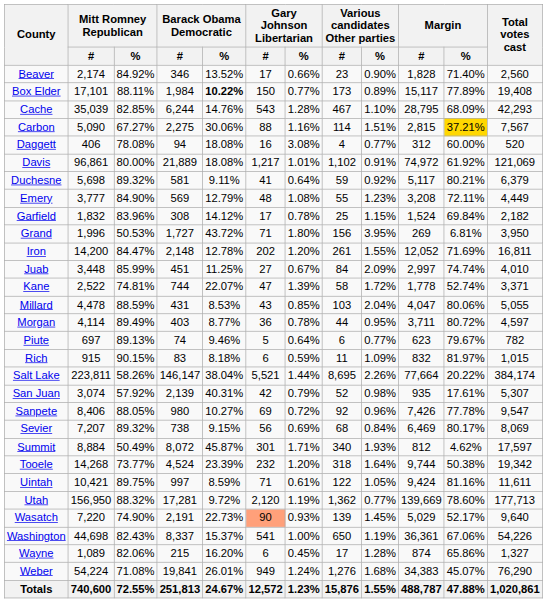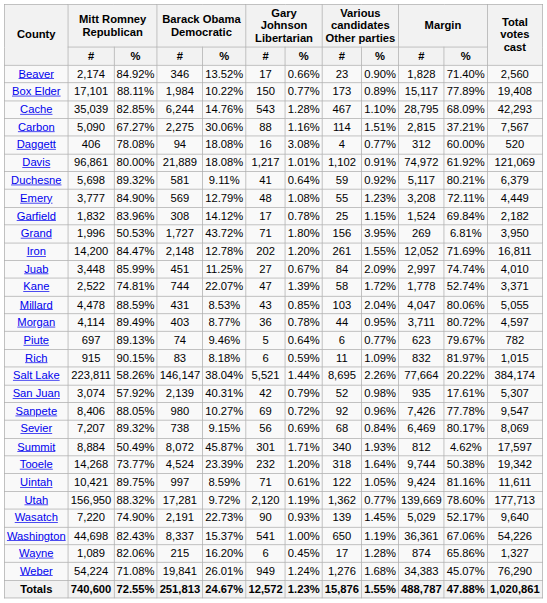 <table width="60%" class="wikitable sortable">
 <tr>
 <th rowspan="2">County</th>
 <th colspan="2">Mitt Romney<br>Republican</th>
 <th colspan="2">Barack Obama<br>Democratic</th>
 <th colspan="2">Gary Johnson<br>Libertarian</th>
 <th colspan="2">Various candidates<br>Other parties</th>
 <th colspan="2">Margin</th>
 <th rowspan="2">Total votes cast</th>
 </tr>
 <tr>
 <th style="text-align:center;" data-sort-type="number">#</th>
 <th style="text-align:center;" data-sort-type="number">%</th>
 <th style="text-align:center;" data-sort-type="number">#</th>
 <th style="text-align:center;" data-sort-type="number">%</th>
 <th style="text-align:center;" data-sort-type="number">#</th>
 <th style="text-align:center;" data-sort-type="number">%</th>
 <th style="text-align:center;" data-sort-type="number">#</th>
 <th style="text-align:center;" data-sort-type="number">%</th>
 <th style="text-align:center;" data-sort-type="number">#</th>
 <th style="text-align:center;" data-sort-type="number">%</th>
 </tr>
 <tr style="text-align:center;">
 <td><a href='#'>Beaver</a></td>
 <td>2,174</td>
 <td>84.92%</td>
 <td>346</td>
 <td>13.52%</td>
 <td>17</td>
 <td>0.66%</td>
 <td>23</td>
 <td>0.90%</td>
 <td>1,828</td>
 <td>71.40%</td>
 <td>2,560</td>
 </tr>
 <tr style="text-align:center;">
 <td><a href='#'>Box Elder</a></td>
 <td>17,101</td>
 <td>88.11%</td>
 <td>1,984</td>
-<td><strong>10.22%</strong></td>
+<td>10.22%</td>
 <td>150</td>
 <td>0.77%</td>
 <td>173</td>
 <td>0.89%</td>
 <td>15,117</td>
 <td>77.89%</td>
 <td>19,408</td>
 </tr>
 <tr style="text-align:center;">
 <td><a href='#'>Cache</a></td>
 <td>35,039</td>
 <td>82.85%</td>
 <td>6,244</td>
 <td>14.76%</td>
 <td>543</td>
 <td>1.28%</td>
 <td>467</td>
 <td>1.10%</td>
 <td>28,795</td>
 <td>68.09%</td>
 <td>42,293</td>
 </tr>
 <tr style="text-align:center;">
 <td><a href='#'>Carbon</a></td>
 <td>5,090</td>
 <td>67.27%</td>
 <td>2,275</td>
 <td>30.06%</td>
 <td>88</td>
 <td>1.16%</td>
 <td>114</td>
 <td>1.51%</td>
 <td>2,815</td>
-<td style="background: gold;">37.21%</td>
+<td>37.21%</td>
 <td>7,567</td>
 </tr>
 <tr style="text-align:center;">
 <td><a href='#'>Daggett</a></td>
 <td>406</td>
 <td>78.08%</td>
 <td>94</td>
 <td>18.08%</td>
 <td>16</td>
 <td>3.08%</td>
 <td>4</td>
 <td>0.77%</td>
 <td>312</td>
 <td>60.00%</td>
 <td>520</td>
 </tr>
 <tr style="text-align:center;">
 <td><a href='#'>Davis</a></td>
 <td>96,861</td>
 <td>80.00%</td>
 <td>21,889</td>
 <td>18.08%</td>
 <td>1,217</td>
 <td>1.01%</td>
 <td>1,102</td>
 <td>0.91%</td>
 <td>74,972</td>
 <td>61.92%</td>
 <td>121,069</td>
 </tr>
 <tr style="text-align:center;">
 <td><a href='#'>Duchesne</a></td>
 <td>5,698</td>
 <td>89.32%</td>
 <td>581</td>
 <td>9.11%</td>
 <td>41</td>
 <td>0.64%</td>
 <td>59</td>
 <td>0.92%</td>
 <td>5,117</td>
 <td>80.21%</td>
 <td>6,379</td>
 </tr>
 <tr style="text-align:center;">
 <td><a href='#'>Emery</a></td>
 <td>3,777</td>
 <td>84.90%</td>
 <td>569</td>
 <td>12.79%</td>
 <td>48</td>
 <td>1.08%</td>
 <td>55</td>
 <td>1.23%</td>
 <td>3,208</td>
 <td>72.11%</td>
 <td>4,449</td>
 </tr>
 <tr style="text-align:center;">
 <td><a href='#'>Garfield</a></td>
 <td>1,832</td>
 <td>83.96%</td>
 <td>308</td>
 <td>14.12%</td>
 <td>17</td>
 <td>0.78%</td>
 <td>25</td>
 <td>1.15%</td>
 <td>1,524</td>
 <td>69.84%</td>
 <td>2,182</td>
 </tr>
 <tr style="text-align:center;">
 <td><a href='#'>Grand</a></td>
 <td>1,996</td>
 <td>50.53%</td>
 <td>1,727</td>
 <td>43.72%</td>
 <td>71</td>
 <td>1.80%</td>
 <td>156</td>
 <td>3.95%</td>
 <td>269</td>
 <td>6.81%</td>
 <td>3,950</td>
 </tr>
 <tr style="text-align:center;">
 <td><a href='#'>Iron</a></td>
 <td>14,200</td>
 <td>84.47%</td>
 <td>2,148</td>
 <td>12.78%</td>
 <td>202</td>
 <td>1.20%</td>
 <td>261</td>
 <td>1.55%</td>
 <td>12,052</td>
 <td>71.69%</td>
 <td>16,811</td>
 </tr>
 <tr style="text-align:center;">
 <td><a href='#'>Juab</a></td>
 <td>3,448</td>
 <td>85.99%</td>
 <td>451</td>
 <td>11.25%</td>
 <td>27</td>
 <td>0.67%</td>
 <td>84</td>
 <td>2.09%</td>
 <td>2,997</td>
 <td>74.74%</td>
 <td>4,010</td>
 </tr>
 <tr style="text-align:center;">
 <td><a href='#'>Kane</a></td>
 <td>2,522</td>
 <td>74.81%</td>
 <td>744</td>
 <td>22.07%</td>
 <td>47</td>
 <td>1.39%</td>
 <td>58</td>
 <td>1.72%</td>
 <td>1,778</td>
 <td>52.74%</td>
 <td>3,371</td>
 </tr>
 <tr style="text-align:center;">
 <td><a href='#'>Millard</a></td>
 <td>4,478</td>
 <td>88.59%</td>
 <td>431</td>
 <td>8.53%</td>
 <td>43</td>
 <td>0.85%</td>
 <td>103</td>
 <td>2.04%</td>
 <td>4,047</td>
 <td>80.06%</td>
 <td>5,055</td>
 </tr>
 <tr style="text-align:center;">
 <td><a href='#'>Morgan</a></td>
 <td>4,114</td>
 <td>89.49%</td>
 <td>403</td>
 <td>8.77%</td>
 <td>36</td>
 <td>0.78%</td>
 <td>44</td>
 <td>0.95%</td>
 <td>3,711</td>
 <td>80.72%</td>
 <td>4,597</td>
 </tr>
 <tr style="text-align:center;">
 <td><a href='#'>Piute</a></td>
 <td>697</td>
 <td>89.13%</td>
 <td>74</td>
 <td>9.46%</td>
 <td>5</td>
 <td>0.64%</td>
 <td>6</td>
 <td>0.77%</td>
 <td>623</td>
 <td>79.67%</td>
 <td>782</td>
 </tr>
 <tr style="text-align:center;">
 <td><a href='#'>Rich</a></td>
 <td>915</td>
 <td>90.15%</td>
 <td>83</td>
 <td>8.18%</td>
 <td>6</td>
 <td>0.59%</td>
 <td>11</td>
 <td>1.09%</td>
 <td>832</td>
 <td>81.97%</td>
 <td>1,015</td>
 </tr>
 <tr style="text-align:center;">
 <td><a href='#'>Salt Lake</a></td>
 <td>223,811</td>
 <td>58.26%</td>
 <td>146,147</td>
 <td>38.04%</td>
 <td>5,521</td>
 <td>1.44%</td>
 <td>8,695</td>
 <td>2.26%</td>
 <td>77,664</td>
 <td>20.22%</td>
 <td>384,174</td>
 </tr>
 <tr style="text-align:center;">
 <td><a href='#'>San Juan</a></td>
 <td>3,074</td>
 <td>57.92%</td>
 <td>2,139</td>
 <td>40.31%</td>
 <td>42</td>
 <td>0.79%</td>
 <td>52</td>
 <td>0.98%</td>
 <td>935</td>
 <td>17.61%</td>
 <td>5,307</td>
 </tr>
 <tr style="text-align:center;">
 <td><a href='#'>Sanpete</a></td>
 <td>8,406</td>
 <td>88.05%</td>
 <td>980</td>
 <td>10.27%</td>
 <td>69</td>
 <td>0.72%</td>
 <td>92</td>
 <td>0.96%</td>
 <td>7,426</td>
 <td>77.78%</td>
 <td>9,547</td>
 </tr>
 <tr style="text-align:center;">
 <td><a href='#'>Sevier</a></td>
 <td>7,207</td>
 <td>89.32%</td>
 <td>738</td>
 <td>9.15%</td>
 <td>56</td>
 <td>0.69%</td>
 <td>68</td>
 <td>0.84%</td>
 <td>6,469</td>
 <td>80.17%</td>
 <td>8,069</td>
 </tr>
 <tr style="text-align:center;">
 <td><a href='#'>Summit</a></td>
 <td>8,884</td>
 <td>50.49%</td>
 <td>8,072</td>
 <td>45.87%</td>
 <td>301</td>
 <td>1.71%</td>
 <td>340</td>
 <td>1.93%</td>
 <td>812</td>
 <td>4.62%</td>
 <td>17,597</td>
 </tr>
 <tr style="text-align:center;">
 <td><a href='#'>Tooele</a></td>
 <td>14,268</td>
 <td>73.77%</td>
 <td>4,524</td>
 <td>23.39%</td>
 <td>232</td>
 <td>1.20%</td>
 <td>318</td>
 <td>1.64%</td>
 <td>9,744</td>
 <td>50.38%</td>
 <td>19,342</td>
 </tr>
 <tr style="text-align:center;">
 <td><a href='#'>Uintah</a></td>
 <td>10,421</td>
 <td>89.75%</td>
 <td>997</td>
 <td>8.59%</td>
 <td>71</td>
 <td>0.61%</td>
 <td>122</td>
 <td>1.05%</td>
 <td>9,424</td>
 <td>81.16%</td>
 <td>11,611</td>
 </tr>
 <tr style="text-align:center;">
 <td><a href='#'>Utah</a></td>
 <td>156,950</td>
 <td>88.32%</td>
 <td>17,281</td>
 <td>9.72%</td>
 <td>2,120</td>
 <td>1.19%</td>
 <td>1,362</td>
 <td>0.77%</td>
 <td>139,669</td>
 <td>78.60%</td>
 <td>177,713</td>
 </tr>
 <tr style="text-align:center;">
 <td><a href='#'>Wasatch</a></td>
 <td>7,220</td>
 <td>74.90%</td>
 <td>2,191</td>
 <td>22.73%</td>
-<td style="background: lightsalmon;">90</td>
+<td>90</td>
 <td>0.93%</td>
 <td>139</td>
 <td>1.45%</td>
 <td>5,029</td>
 <td>52.17%</td>
 <td>9,640</td>
 </tr>
 <tr style="text-align:center;">
 <td><a href='#'>Washington</a></td>
 <td>44,698</td>
 <td>82.43%</td>
 <td>8,337</td>
 <td>15.37%</td>
 <td>541</td>
 <td>1.00%</td>
 <td>650</td>
 <td>1.19%</td>
 <td>36,361</td>
 <td>67.06%</td>
 <td>54,226</td>
 </tr>
 <tr style="text-align:center;">
 <td><a href='#'>Wayne</a></td>
 <td>1,089</td>
 <td>82.06%</td>
 <td>215</td>
 <td>16.20%</td>
 <td>6</td>
 <td>0.45%</td>
 <td>17</td>
 <td>1.28%</td>
 <td>874</td>
 <td>65.86%</td>
 <td>1,327</td>
 </tr>
 <tr style="text-align:center;">
 <td><a href='#'>Weber</a></td>
 <td>54,224</td>
 <td>71.08%</td>
 <td>19,841</td>
 <td>26.01%</td>
 <td>949</td>
 <td>1.24%</td>
 <td>1,276</td>
 <td>1.68%</td>
 <td>34,383</td>
 <td>45.07%</td>
 <td>76,290</td>
 </tr>
 <tr>
 <th>Totals</th>
 <th>740,600</th>
 <th>72.55%</th>
 <th>251,813</th>
 <th>24.67%</th>
 <th>12,572</th>
 <th>1.23%</th>
 <th>15,876</th>
 <th>1.55%</th>
 <th>488,787</th>
 <th>47.88%</th>
 <th>1,020,861</th>
 </tr>
 </table>
